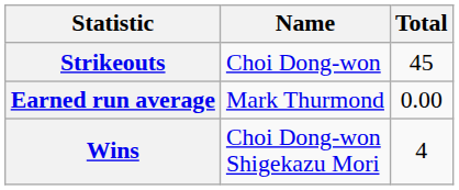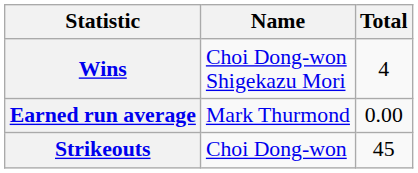 <table class="wikitable plainrowheaders">
 <tr>
 <th scope="col">Statistic</th>
 <th scope="col">Name</th>
 <th scope="col">Total</th>
 </tr>
 <tr>
-<th scope="row"><a href='#'>Strikeouts</a></th>
-<td> <a href='#'>Choi Dong-won</a></td>
-<td align=center>45</td>
+<th scope="row"><a href='#'>Wins</a></th>
+<td> <a href='#'>Choi Dong-won</a><br> <a href='#'>Shigekazu Mori</a></td>
+<td align=center>4</td>
 </tr>
 <tr>
 <th scope="row"><a href='#'>Earned run average</a></th>
 <td> <a href='#'>Mark Thurmond</a></td>
 <td align=center>0.00</td>
 </tr>
 <tr>
-<th scope="row"><a href='#'>Wins</a></th>
-<td> <a href='#'>Choi Dong-won</a><br> <a href='#'>Shigekazu Mori</a></td>
-<td align=center>4</td>
+<th scope="row"><a href='#'>Strikeouts</a></th>
+<td> <a href='#'>Choi Dong-won</a></td>
+<td align=center>45</td>
 </tr>
 </table>
